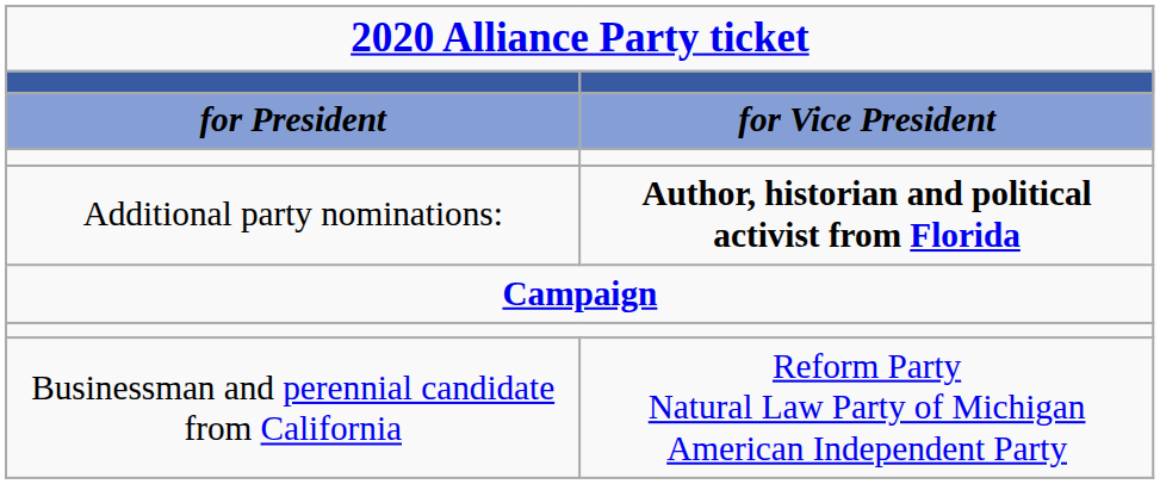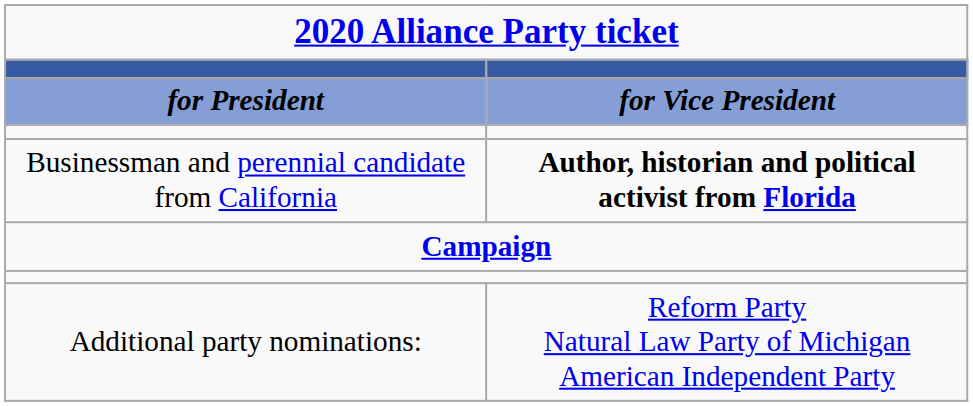 <table class="wikitable" style="font-size:90%; text-align:center">
 <tr>
 <td colspan=2><big><strong><a href='#'>2020 Alliance Party ticket</a></strong></big></td>
 </tr>
 <tr>
 <th style="font-size:135%; background:#385AA3"></th>
 <th style="font-size:135%; background:#385AA3"></th>
 </tr>
 <tr style="color:#000; font-size:100%; background:#859FD6">
 <td><strong><em>for President</em></strong></td>
 <td><strong><em>for Vice President</em></strong></td>
 </tr>
 <tr>
 <td></td>
 <td></td>
 </tr>
 <tr>
-<td>Additional party nominations:</td>
+<td style=width:16em>Businessman and <a href='#'>perennial candidate</a> from <a href='#'>California</a></td>
 <td style=width:16em><strong>Author, historian and political activist from <a href='#'>Florida</a></strong></td>
 </tr>
 <tr>
 <td colspan=2><a href='#'><strong>Campaign</strong></a></td>
 </tr>
 <tr>
 <td colspan=2></td>
 </tr>
 <tr>
-<td style=width:16em>Businessman and <a href='#'>perennial candidate</a> from <a href='#'>California</a></td>
+<td>Additional party nominations:</td>
 <td><a href='#'>Reform Party</a><br><a href='#'>Natural Law Party of Michigan</a><br><a href='#'>American Independent Party</a></td>
 </tr>
 </table>
